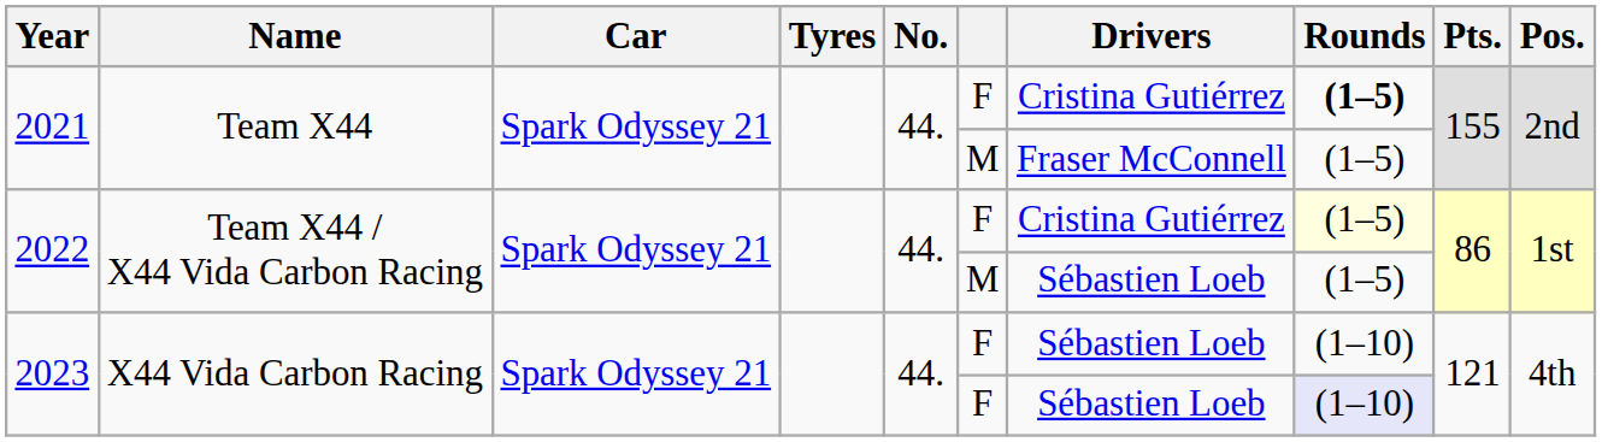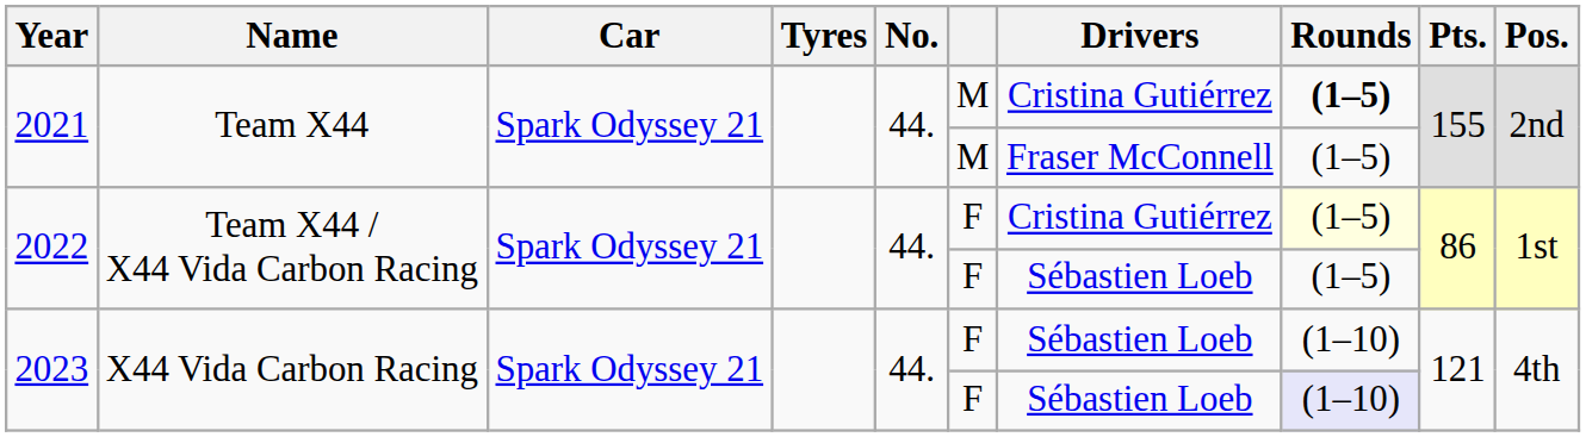 <table class="wikitable" style="text-align:center; font-size:85%">
 <tr>
 <th>Year</th>
 <th>Name</th>
 <th>Car</th>
 <th>Tyres</th>
 <th>No.</th>
 <th></th>
 <th>Drivers</th>
 <th>Rounds</th>
 <th>Pts.</th>
 <th>Pos.</th>
 </tr>
 <tr>
 <td rowspan=2><a href='#'>2021</a></td>
 <td rowspan=2> Team X44</td>
 <td rowspan=2><a href='#'>Spark Odyssey 21</a></td>
 <td rowspan=2></td>
 <td rowspan=2>44.</td>
-<td>F</td>
+<td>M</td>
 <td> <a href='#'>Cristina Gutiérrez</a></td>
 <td><strong>(1–5)</strong></td>
 <td rowspan=2 style="background:#dfdfdf;">155</td>
 <td rowspan=2 style="background:#dfdfdf;">2nd</td>
 </tr>
 <tr>
 <td>M</td>
 <td> <a href='#'>Fraser McConnell</a></td>
 <td>(1–5)</td>
 </tr>
 <tr>
 <td rowspan=2><a href='#'>2022</a></td>
 <td rowspan=2> Team X44 / <br>X44 Vida Carbon Racing</td>
 <td rowspan=2><a href='#'>Spark Odyssey 21</a></td>
 <td rowspan=2></td>
 <td rowspan=2>44.</td>
 <td>F</td>
 <td> <a href='#'>Cristina Gutiérrez</a></td>
 <td style="background: lightyellow;">(1–5)</td>
 <td rowspan=2 bgcolor=#ffffbf>86</td>
 <td rowspan=2 bgcolor=#ffffbf>1st</td>
 </tr>
 <tr>
-<td>M</td>
+<td>F</td>
 <td> <a href='#'>Sébastien Loeb</a></td>
 <td>(1–5)</td>
 </tr>
 <tr>
 <td rowspan=2><a href='#'>2023</a></td>
 <td rowspan=2> X44 Vida Carbon Racing</td>
 <td rowspan=2><a href='#'>Spark Odyssey 21</a></td>
 <td rowspan=2></td>
 <td rowspan=2>44.</td>
 <td>F</td>
 <td> <a href='#'>Sébastien Loeb</a></td>
 <td>(1–10)</td>
 <td rowspan=2>121</td>
 <td rowspan=2>4th</td>
 </tr>
 <tr>
 <td>F</td>
 <td> <a href='#'>Sébastien Loeb</a></td>
 <td style="background: lavender;">(1–10)</td>
 </tr>
 </table>
